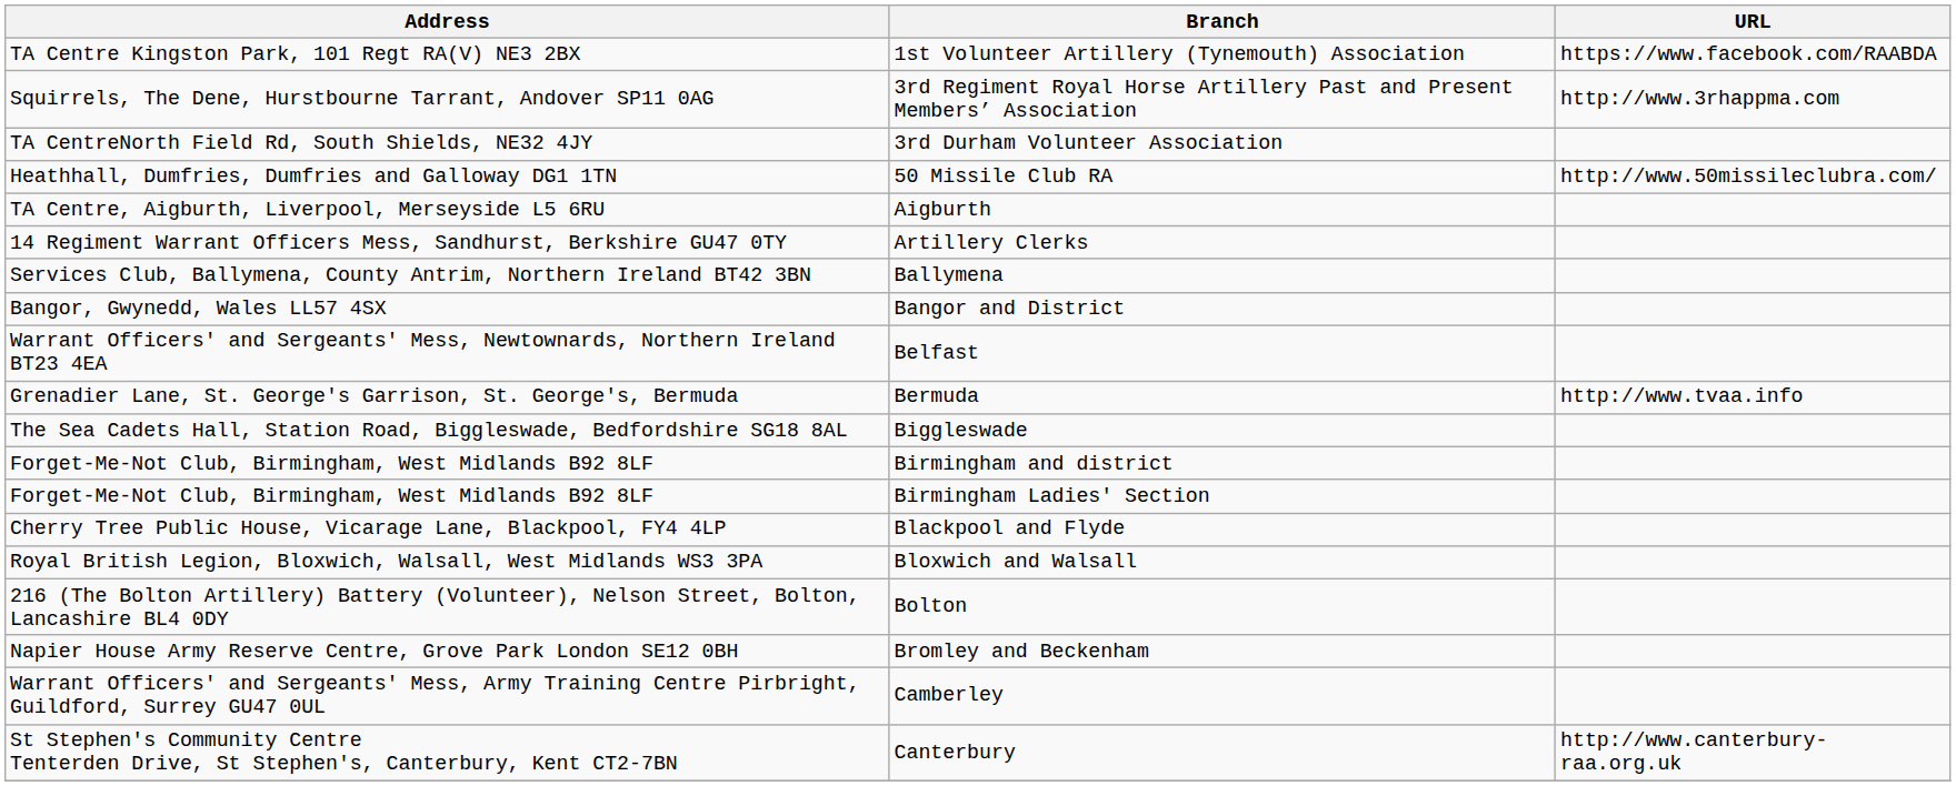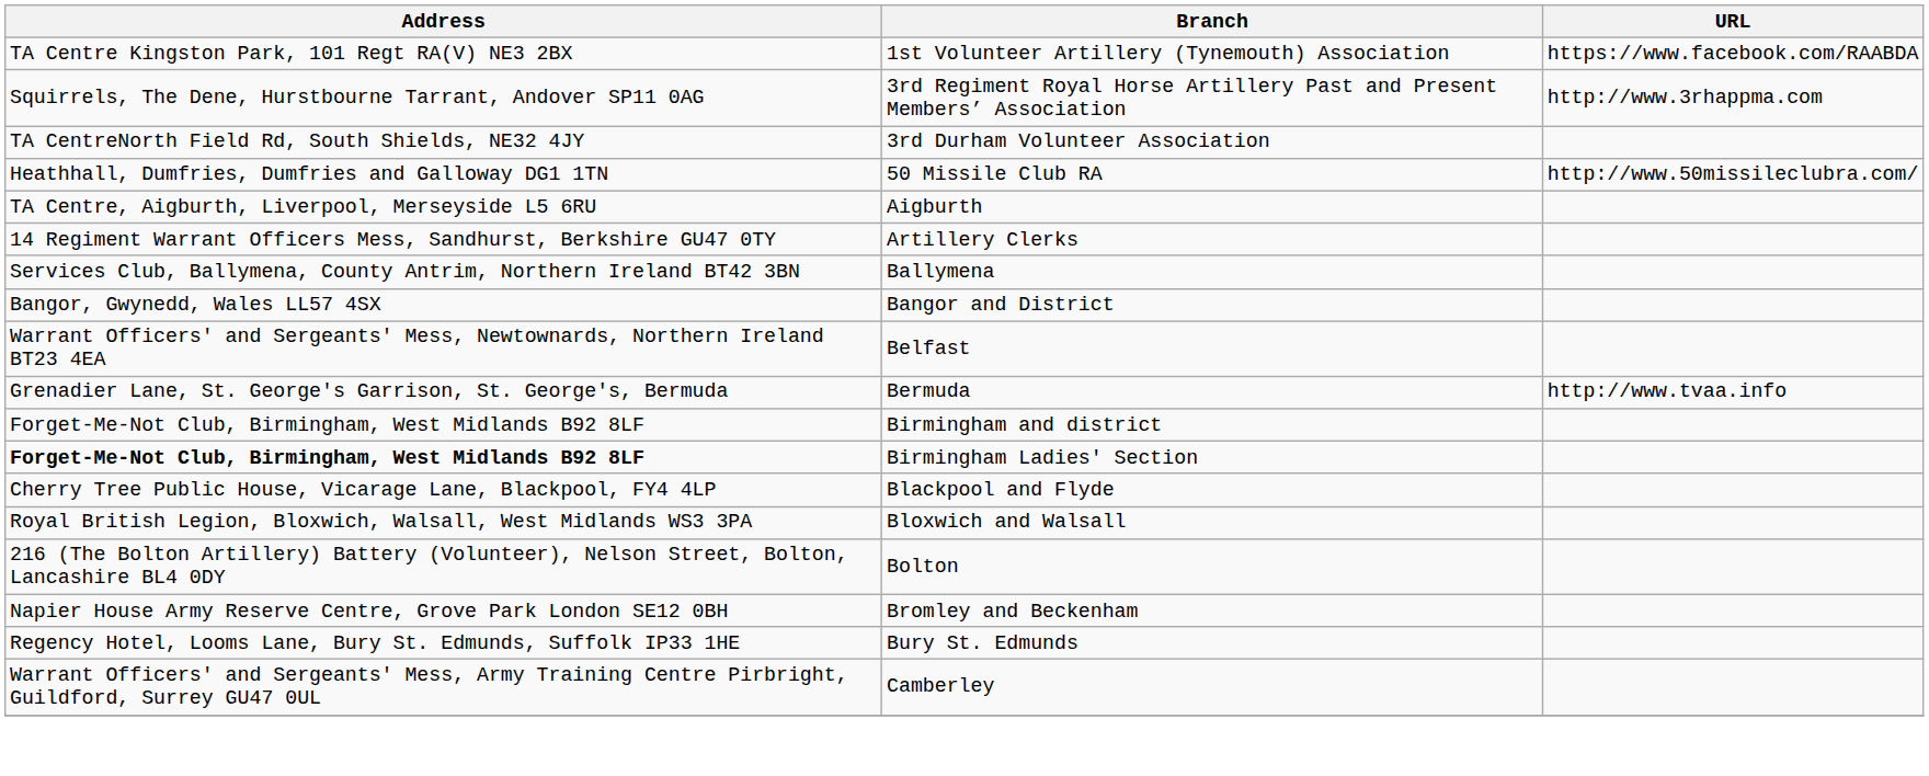 <table class="sortable wikitable">
 <tr>
 <th>Address</th>
 <th>Branch</th>
 <th>URL</th>
 </tr>
 <tr>
 <td>TA Centre Kingston Park, 101 Regt RA(V) NE3 2BX</td>
 <td>1st Volunteer Artillery (Tynemouth) Association</td>
 <td>https://www.facebook.com/RAABDA</td>
 </tr>
 <tr>
 <td>Squirrels, The Dene, Hurstbourne Tarrant, Andover SP11 0AG</td>
 <td>3rd Regiment Royal Horse Artillery Past and Present Members’ Association</td>
 <td>http://www.3rhappma.com</td>
 </tr>
 <tr>
 <td>TA CentreNorth Field Rd, South Shields, NE32 4JY</td>
 <td>3rd Durham Volunteer Association</td>
 <td></td>
 </tr>
 <tr>
 <td>Heathhall, Dumfries, Dumfries and Galloway DG1 1TN</td>
 <td>50 Missile Club RA</td>
 <td>http://www.50missileclubra.com/</td>
 </tr>
 <tr>
 <td>TA Centre, Aigburth, Liverpool, Merseyside L5 6RU</td>
 <td>Aigburth</td>
 <td></td>
 </tr>
 <tr>
 <td>14 Regiment Warrant Officers Mess, Sandhurst, Berkshire  GU47 0TY</td>
 <td>Artillery Clerks</td>
 <td></td>
 </tr>
 <tr>
 <td>Services Club, Ballymena, County Antrim, Northern Ireland BT42 3BN</td>
 <td>Ballymena</td>
 <td></td>
 </tr>
 <tr>
 <td>Bangor, Gwynedd, Wales LL57 4SX</td>
 <td>Bangor and District</td>
 <td></td>
 </tr>
 <tr>
 <td>Warrant Officers' and Sergeants' Mess, Newtownards, Northern Ireland BT23 4EA</td>
 <td>Belfast</td>
 <td></td>
 </tr>
 <tr>
 <td>Grenadier Lane, St. George's Garrison, St. George's, Bermuda</td>
 <td>Bermuda</td>
 <td>http://www.tvaa.info</td>
 </tr>
 <tr>
-<td>The Sea Cadets Hall, Station Road, Biggleswade, Bedfordshire SG18 8AL</td>
-<td>Biggleswade</td>
-<td></td>
-</tr>
-<tr>
 <td>Forget-Me-Not Club, Birmingham, West Midlands B92 8LF</td>
 <td>Birmingham and district</td>
 <td></td>
 </tr>
 <tr>
-<td>Forget-Me-Not Club, Birmingham, West Midlands B92 8LF</td>
+<td><strong>Forget-Me-Not Club, Birmingham, West Midlands B92 8LF</strong></td>
 <td>Birmingham Ladies' Section</td>
 <td></td>
 </tr>
 <tr>
 <td>Cherry Tree Public House, Vicarage Lane, Blackpool, FY4 4LP</td>
 <td>Blackpool and Flyde</td>
 <td></td>
 </tr>
 <tr>
 <td>Royal British Legion, Bloxwich,  Walsall, West Midlands WS3 3PA</td>
 <td>Bloxwich and Walsall</td>
 <td></td>
 </tr>
 <tr>
 <td>216 (The Bolton Artillery) Battery (Volunteer), Nelson Street, Bolton, Lancashire BL4 0DY</td>
 <td>Bolton</td>
 <td></td>
 </tr>
 <tr>
 <td>Napier House Army Reserve Centre, Grove Park London SE12 0BH</td>
 <td>Bromley and Beckenham</td>
 <td></td>
 </tr>
 <tr>
+<td>Regency Hotel, Looms Lane, Bury St. Edmunds, Suffolk IP33 1HE</td>
+<td>Bury St. Edmunds</td>
+<td></td>
+</tr>
+<tr>
 <td>Warrant Officers' and Sergeants' Mess, Army Training Centre Pirbright, Guildford, Surrey GU47 0UL</td>
 <td>Camberley</td>
 <td></td>
 </tr>
 <tr>
-<td>St Stephen's Community Centre<br>Tenterden Drive, St Stephen's, Canterbury, Kent CT2-7BN</td>
-<td>Canterbury</td>
-<td>http://www.canterbury-raa.org.uk</td>
-</tr>
-<tr>
 </tr>
 </table>
